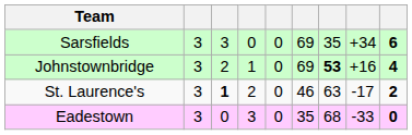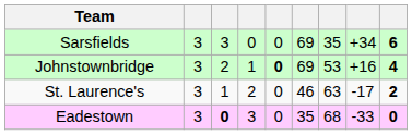 <table class="wikitable" style="text-align:center">
 <tr>
 <th style="width:175px;">Team</th>
 <th width="20"></th>
 <th width="20"></th>
 <th width="20"></th>
 <th width="20"></th>
 <th width="20"></th>
 <th width="20"></th>
 <th width="20"></th>
 <th width="20"></th>
 </tr>
 <tr style="background:#cfc;">
 <td>Sarsfields</td>
 <td>3</td>
 <td>3</td>
 <td>0</td>
 <td>0</td>
 <td>69</td>
 <td>35</td>
 <td>+34</td>
 <td><strong>6</strong></td>
 </tr>
 <tr style="background:#cfc;">
 <td>Johnstownbridge</td>
 <td>3</td>
 <td>2</td>
 <td>1</td>
-<td>0</td>
+<td><strong>0</strong></td>
 <td>69</td>
-<td><strong>53</strong></td>
+<td>53</td>
 <td>+16</td>
 <td><strong>4</strong></td>
 </tr>
 <tr>
 <td>St. Laurence's</td>
 <td>3</td>
-<td><strong>1</strong></td>
+<td>1</td>
 <td>2</td>
 <td>0</td>
 <td>46</td>
 <td>63</td>
 <td>-17</td>
 <td><strong>2</strong></td>
 </tr>
 <tr style="background:#fcf;">
 <td>Eadestown</td>
 <td>3</td>
-<td>0</td>
+<td><strong>0</strong></td>
 <td>3</td>
 <td>0</td>
 <td>35</td>
 <td>68</td>
 <td>-33</td>
 <td><strong>0</strong></td>
 </tr>
 </table>
